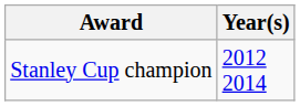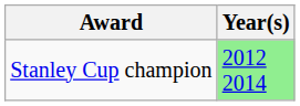 <table class="wikitable">
 <tr>
 <th>Award</th>
 <th>Year(s)</th>
 </tr>
 <tr>
 <td><a href='#'>Stanley Cup</a> champion</td>
-<td><a href='#'>2012</a><br><a href='#'>2014</a></td>
+<td style="background: lightgreen;"><a href='#'>2012</a><br><a href='#'>2014</a></td>
 </tr>
 </table>
